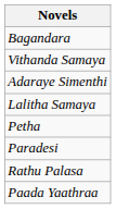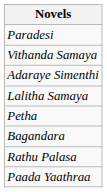 <table class="wikitable" border="1">
 <tr>
 <th>Novels</th>
 </tr>
 <tr>
-<td><em>Bagandara</em></td>
+<td><em>Paradesi</em></td>
 </tr>
 <tr>
 <td><em>Vithanda Samaya</em></td>
 </tr>
 <tr>
 <td><em>Adaraye Simenthi</em></td>
 </tr>
 <tr>
 <td><em>Lalitha Samaya</em></td>
 </tr>
 <tr>
 <td><em>Petha</em></td>
 </tr>
 <tr>
-<td><em>Paradesi</em></td>
+<td><em>Bagandara</em></td>
 </tr>
 <tr>
 <td><em>Rathu Palasa</em></td>
 </tr>
 <tr>
 <td><em>Paada Yaathraa</em></td>
 </tr>
 </table>
